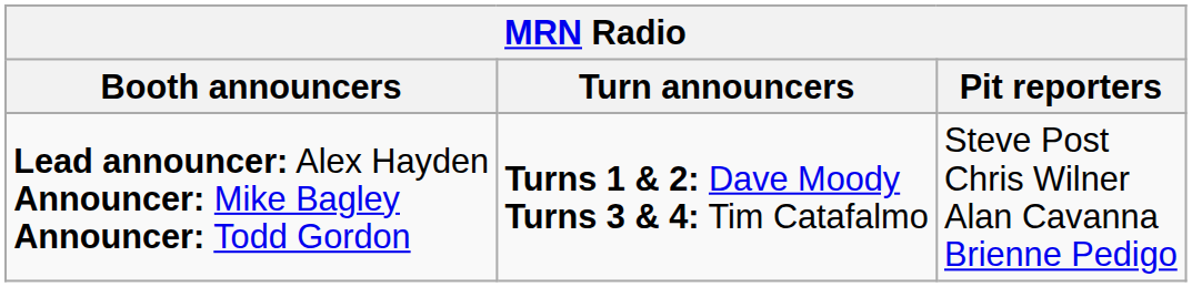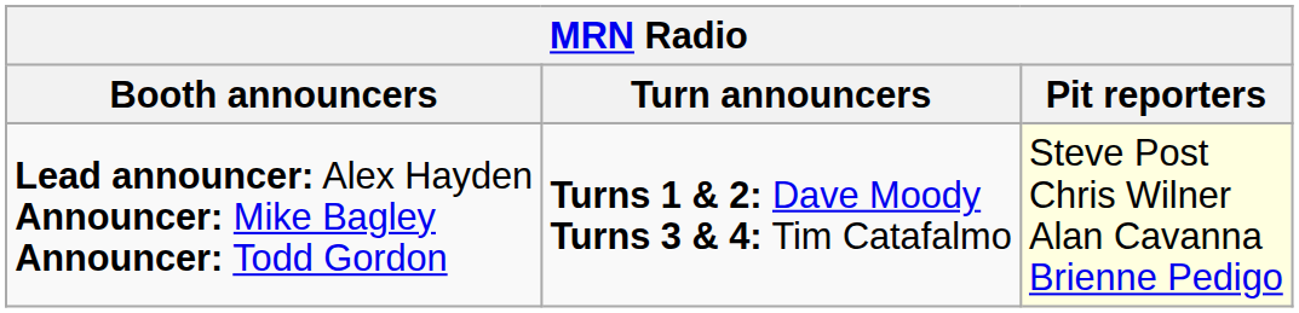 <table class="wikitable" style="font-size: 95%">
 <tr>
 <th colspan="3"><a href='#'>MRN</a> Radio</th>
 </tr>
 <tr>
 <th>Booth announcers</th>
 <th>Turn announcers</th>
 <th>Pit reporters</th>
 </tr>
 <tr>
 <td><strong>Lead announcer:</strong> Alex Hayden<br><strong>Announcer:</strong> <a href='#'>Mike Bagley</a><br><strong>Announcer:</strong> <a href='#'>Todd Gordon</a></td>
 <td><strong>Turns 1 & 2:</strong> <a href='#'>Dave Moody</a><br><strong>Turns 3 & 4:</strong> Tim Catafalmo</td>
-<td>Steve Post<br>Chris Wilner<br>Alan Cavanna<br><a href='#'>Brienne Pedigo</a></td>
+<td style="background: lightyellow;">Steve Post<br>Chris Wilner<br>Alan Cavanna<br><a href='#'>Brienne Pedigo</a></td>
 </tr>
 </table>
